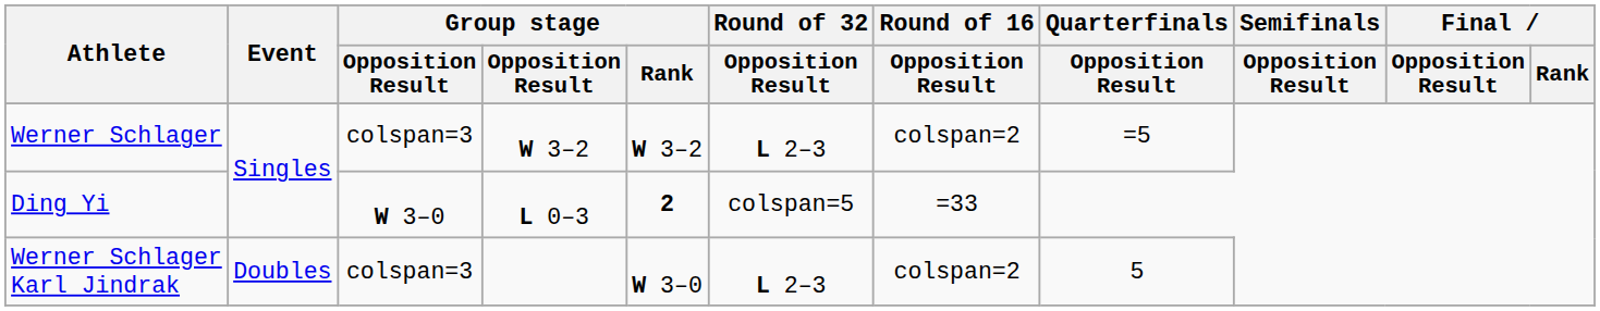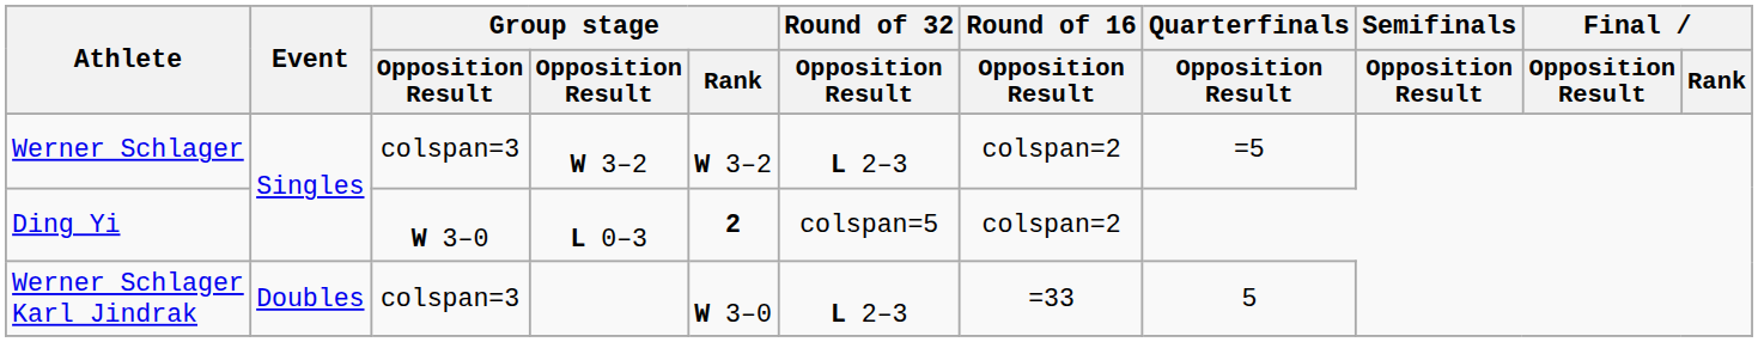 <table class=wikitable style=font-size:90%;text-align:center>
 <tr>
 <th rowspan=2>Athlete</th>
 <th rowspan=2>Event</th>
 <th colspan=3>Group stage</th>
 <th>Round of 32</th>
 <th>Round of 16</th>
 <th>Quarterfinals</th>
 <th>Semifinals</th>
 <th colspan=2>Final / </th>
 </tr>
 <tr style=font-size:95%>
 <th>Opposition<br>Result</th>
 <th>Opposition<br>Result</th>
 <th>Rank</th>
 <th>Opposition<br>Result</th>
 <th>Opposition<br>Result</th>
 <th>Opposition<br>Result</th>
 <th>Opposition<br>Result</th>
 <th>Opposition<br>Result</th>
 <th>Rank</th>
 </tr>
 <tr>
 <td align=left><a href='#'>Werner Schlager</a></td>
 <td align=left rowspan=2><a href='#'>Singles</a></td>
 <td>colspan=3 </td>
 <td><br><strong>W</strong> 3–2</td>
 <td><br><strong>W</strong> 3–2</td>
 <td><br><strong>L</strong> 2–3</td>
 <td>colspan=2 </td>
 <td>=5</td>
 </tr>
 <tr>
 <td align=left><a href='#'>Ding Yi</a></td>
 <td><br><strong>W</strong> 3–0</td>
 <td><br><strong>L</strong> 0–3</td>
 <td><strong>2</strong></td>
 <td>colspan=5 </td>
-<td>=33</td>
+<td>colspan=2 </td>
 </tr>
 <tr>
 <td align=left><a href='#'>Werner Schlager</a><br><a href='#'>Karl Jindrak</a></td>
 <td align=left><a href='#'>Doubles</a></td>
 <td>colspan=3 </td>
 <td></td>
 <td><br><strong>W</strong> 3–0</td>
 <td><br><strong>L</strong> 2–3</td>
-<td>colspan=2 </td>
+<td>=33</td>
 <td>5</td>
 </tr>
 </table>
